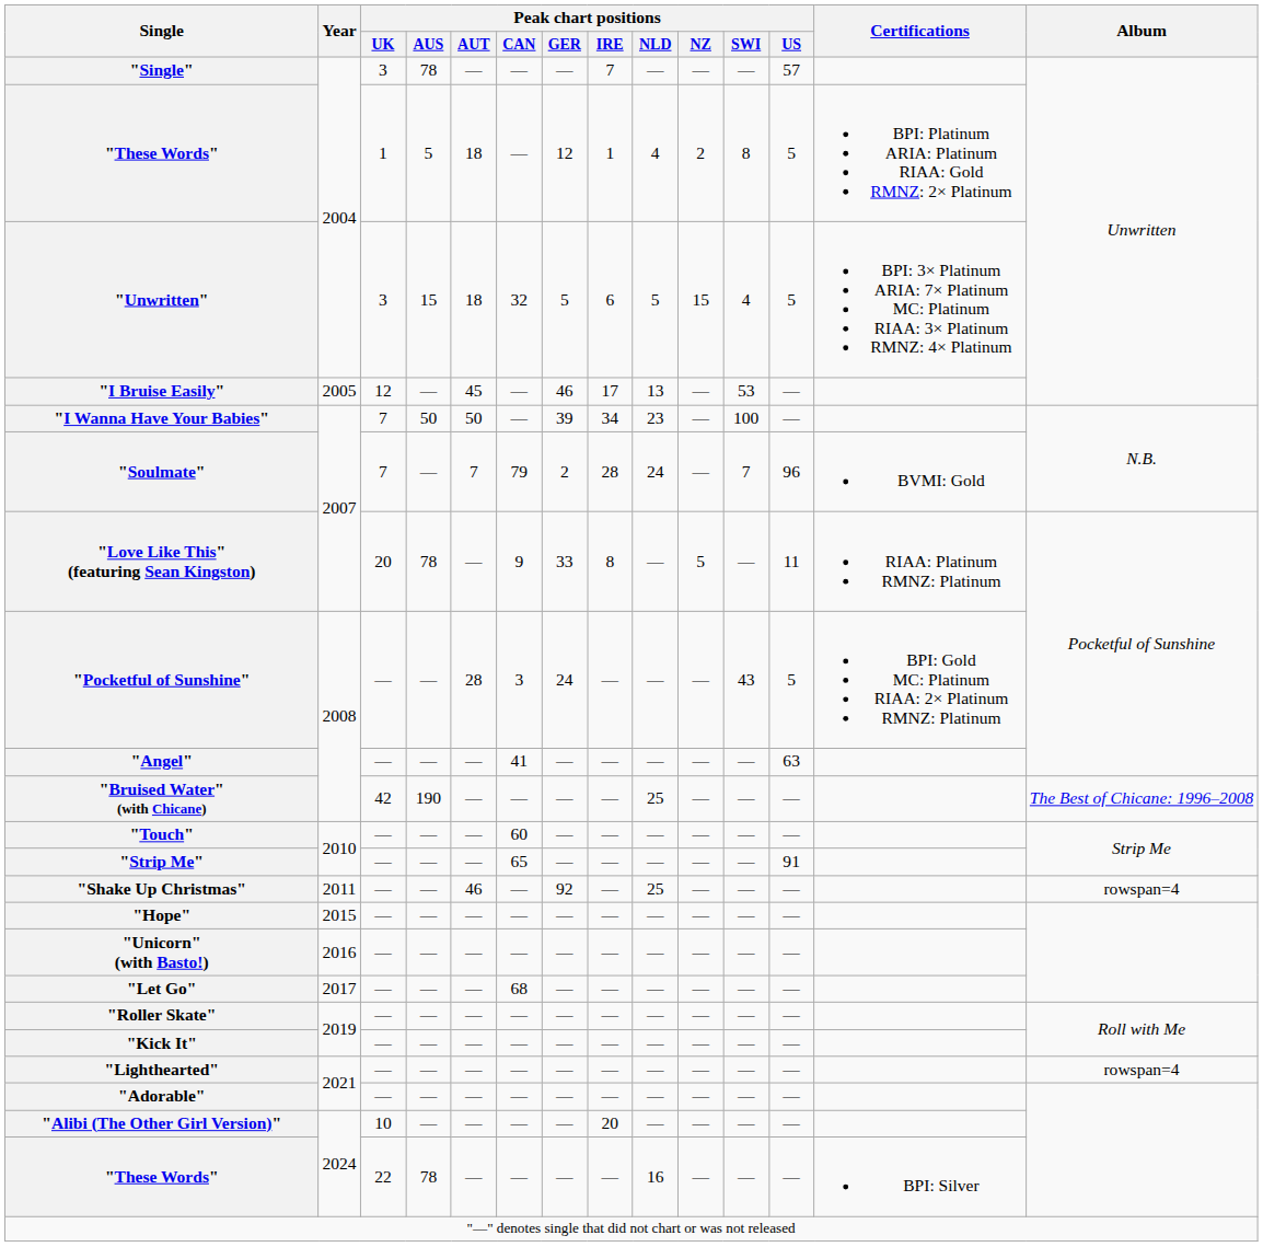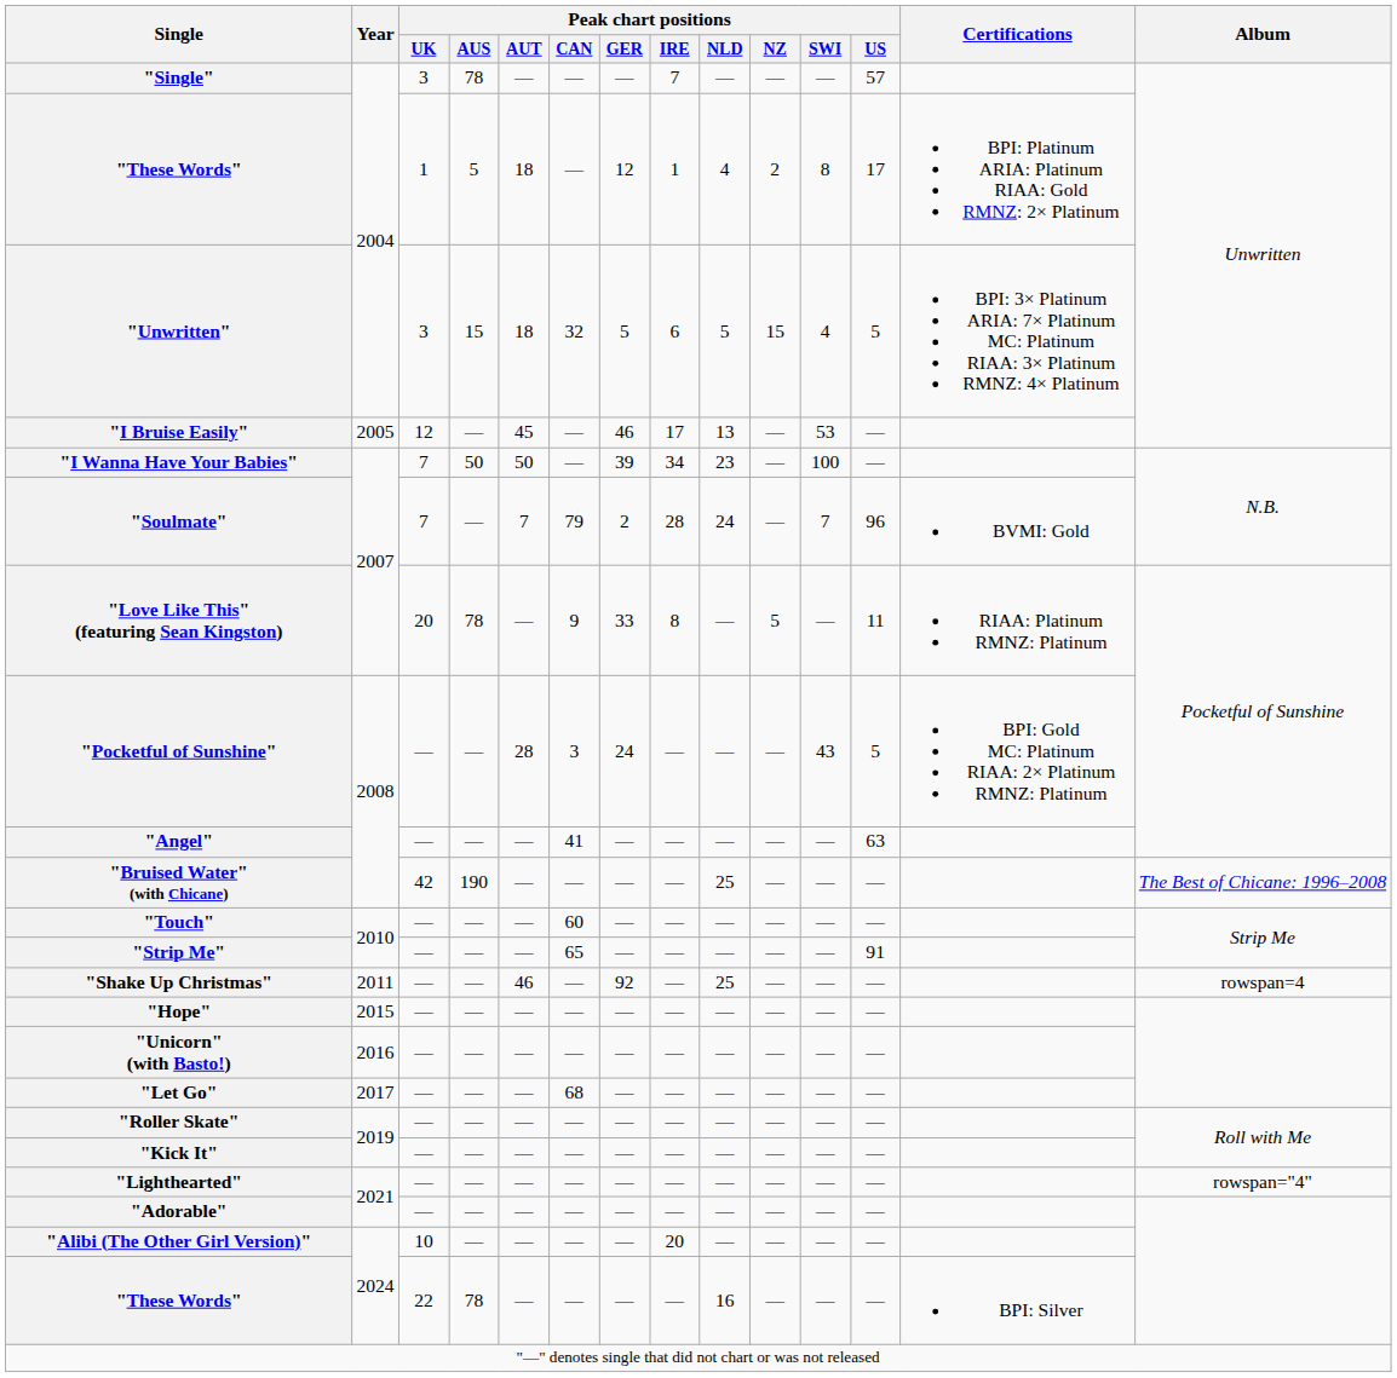 <table class="wikitable plainrowheaders" style="text-align:center;">
 <tr>
 <th scope="colw" rowspan="2" style="width:18em;">Single</th>
 <th scope="col" rowspan="2">Year</th>
 <th scope="col" colspan="10">Peak chart positions</th>
 <th scope="col" rowspan="2" style="width:12em;"><a href='#'>Certifications</a></th>
 <th scope="col" rowspan="2">Album</th>
 </tr>
 <tr>
 <th scope="col" style="width:2.5em;font-size:90%;"><a href='#'>UK</a><br></th>
 <th scope="col" style="width:2.5em;font-size:90%;"><a href='#'>AUS</a><br></th>
 <th scope="col" style="width:2.5em;font-size:90%;"><a href='#'>AUT</a><br></th>
 <th scope="col" style="width:2.5em;font-size:90%;"><a href='#'>CAN</a><br></th>
 <th scope="col" style="width:2.5em;font-size:90%;"><a href='#'>GER</a><br></th>
 <th scope="col" style="width:2.5em;font-size:90%;"><a href='#'>IRE</a><br></th>
 <th scope="col" style="width:2.5em;font-size:90%;"><a href='#'>NLD</a><br></th>
 <th scope="col" style="width:2.5em;font-size:90%;"><a href='#'>NZ</a><br></th>
 <th scope="col" style="width:2.5em;font-size:90%;"><a href='#'>SWI</a><br></th>
 <th scope="col" style="width:2.5em;font-size:90%;"><a href='#'>US</a><br></th>
 </tr>
 <tr>
 <th scope="row">"<a href='#'>Single</a>"</th>
 <td rowspan="3">2004</td>
 <td>3</td>
 <td>78</td>
 <td>—</td>
 <td>—</td>
 <td>—</td>
 <td>7</td>
 <td>—</td>
 <td>—</td>
 <td>—</td>
 <td>57</td>
 <td></td>
 <td rowspan="4"><em>Unwritten</em></td>
 </tr>
 <tr>
 <th scope="row">"<a href='#'>These Words</a>"</th>
 <td>1</td>
 <td>5</td>
 <td>18</td>
 <td>—</td>
 <td>12</td>
 <td>1</td>
 <td>4</td>
 <td>2</td>
 <td>8</td>
-<td>5</td>
+<td>17</td>
 <td><br><ul><li>BPI: Platinum</li><li>ARIA: Platinum</li><li>RIAA: Gold</li><li><a href='#'>RMNZ</a>: 2× Platinum</li></ul></td>
 </tr>
 <tr>
 <th scope="row">"<a href='#'>Unwritten</a>"</th>
 <td>3</td>
 <td>15</td>
 <td>18</td>
 <td>32</td>
 <td>5</td>
 <td>6</td>
 <td>5</td>
 <td>15</td>
 <td>4</td>
 <td>5</td>
 <td><br><ul><li>BPI: 3× Platinum</li><li>ARIA: 7× Platinum</li><li>MC: Platinum</li><li>RIAA: 3× Platinum</li><li>RMNZ: 4× Platinum</li></ul></td>
 </tr>
 <tr>
 <th scope="row">"<a href='#'>I Bruise Easily</a>"</th>
 <td>2005</td>
 <td>12</td>
 <td>—</td>
 <td>45</td>
 <td>—</td>
 <td>46</td>
 <td>17</td>
 <td>13</td>
 <td>—</td>
 <td>53</td>
 <td>—</td>
 <td></td>
 </tr>
 <tr>
 <th scope="row">"<a href='#'>I Wanna Have Your Babies</a>"</th>
 <td rowspan="3">2007</td>
 <td>7</td>
 <td>50</td>
 <td>50</td>
 <td>—</td>
 <td>39</td>
 <td>34</td>
 <td>23</td>
 <td>—</td>
 <td>100</td>
 <td>—</td>
 <td></td>
 <td rowspan="2"><em>N.B.</em></td>
 </tr>
 <tr>
 <th scope="row">"<a href='#'>Soulmate</a>"</th>
 <td>7</td>
 <td>—</td>
 <td>7</td>
 <td>79</td>
 <td>2</td>
 <td>28</td>
 <td>24</td>
 <td>—</td>
 <td>7</td>
 <td>96</td>
 <td><br><ul><li>BVMI: Gold</li></ul></td>
 </tr>
 <tr>
 <th scope="row">"<a href='#'>Love Like This</a>"<br><span>(featuring <a href='#'>Sean Kingston</a>)</span></th>
 <td>20</td>
 <td>78</td>
 <td>—</td>
 <td>9</td>
 <td>33</td>
 <td>8</td>
 <td>—</td>
 <td>5</td>
 <td>—</td>
 <td>11</td>
 <td><br><ul><li>RIAA: Platinum</li><li>RMNZ: Platinum</li></ul></td>
 <td rowspan="3"><em>Pocketful of Sunshine</em></td>
 </tr>
 <tr>
 <th scope="row">"<a href='#'>Pocketful of Sunshine</a>"</th>
 <td rowspan="3">2008</td>
 <td>—</td>
 <td>—</td>
 <td>28</td>
 <td>3</td>
 <td>24</td>
 <td>—</td>
 <td>—</td>
 <td>—</td>
 <td>43</td>
 <td>5</td>
 <td><br><ul><li>BPI: Gold</li><li>MC: Platinum</li><li>RIAA: 2× Platinum</li><li>RMNZ: Platinum</li></ul></td>
 </tr>
 <tr>
 <th scope="row">"<a href='#'>Angel</a>"</th>
 <td>—</td>
 <td>—</td>
 <td>—</td>
 <td>41</td>
 <td>—</td>
 <td>—</td>
 <td>—</td>
 <td>—</td>
 <td>—</td>
 <td>63</td>
 <td></td>
 </tr>
 <tr>
 <th scope="row">"<a href='#'>Bruised Water</a>"<br><small>(with <a href='#'>Chicane</a>)</small></th>
 <td>42</td>
 <td>190</td>
 <td>—</td>
 <td>—</td>
 <td>—</td>
 <td>—</td>
 <td>25</td>
 <td>—</td>
 <td>—</td>
 <td>—</td>
 <td></td>
 <td><em><a href='#'>The Best of Chicane: 1996–2008</a></em></td>
 </tr>
 <tr>
 <th scope="row">"<a href='#'>Touch</a>"</th>
 <td rowspan="2">2010</td>
 <td>—</td>
 <td>—</td>
 <td>—</td>
 <td>60</td>
 <td>—</td>
 <td>—</td>
 <td>—</td>
 <td>—</td>
 <td>—</td>
 <td>—</td>
 <td></td>
 <td rowspan="2"><em>Strip Me</em></td>
 </tr>
 <tr>
 <th scope="row">"<a href='#'>Strip Me</a>"</th>
 <td>—</td>
 <td>—</td>
 <td>—</td>
 <td>65</td>
 <td>—</td>
 <td>—</td>
 <td>—</td>
 <td>—</td>
 <td>—</td>
 <td>91</td>
 <td></td>
 </tr>
 <tr>
 <th scope="row">"Shake Up Christmas"</th>
 <td>2011</td>
 <td>—</td>
 <td>—</td>
 <td>46</td>
 <td>—</td>
 <td>92</td>
 <td>—</td>
 <td>25</td>
 <td>—</td>
 <td>—</td>
 <td>—</td>
 <td></td>
 <td>rowspan=4 </td>
 </tr>
 <tr>
 <th scope="row">"Hope"</th>
 <td>2015</td>
 <td>—</td>
 <td>—</td>
 <td>—</td>
 <td>—</td>
 <td>—</td>
 <td>—</td>
 <td>—</td>
 <td>—</td>
 <td>—</td>
 <td>—</td>
 <td></td>
 </tr>
 <tr>
 <th scope="row">"Unicorn"<br><span>(with <a href='#'>Basto!</a>)</span></th>
 <td>2016</td>
 <td>—</td>
 <td>—</td>
 <td>—</td>
 <td>—</td>
 <td>—</td>
 <td>—</td>
 <td>—</td>
 <td>—</td>
 <td>—</td>
 <td>—</td>
 <td></td>
 </tr>
 <tr>
 <th scope="row">"Let Go"</th>
 <td>2017</td>
 <td>—</td>
 <td>—</td>
 <td>—</td>
 <td>68</td>
 <td>—</td>
 <td>—</td>
 <td>—</td>
 <td>—</td>
 <td>—</td>
 <td>—</td>
 <td></td>
 </tr>
 <tr>
 <th scope="row">"Roller Skate"</th>
 <td rowspan="2">2019</td>
 <td>—</td>
 <td>—</td>
 <td>—</td>
 <td>—</td>
 <td>—</td>
 <td>—</td>
 <td>—</td>
 <td>—</td>
 <td>—</td>
 <td>—</td>
 <td></td>
 <td rowspan="2"><em>Roll with Me</em></td>
 </tr>
 <tr>
 <th scope="row">"Kick It"</th>
 <td>—</td>
 <td>—</td>
 <td>—</td>
 <td>—</td>
 <td>—</td>
 <td>—</td>
 <td>—</td>
 <td>—</td>
 <td>—</td>
 <td>—</td>
 </tr>
 <tr>
 <th scope="row">"Lighthearted"</th>
 <td rowspan="2">2021</td>
 <td>—</td>
 <td>—</td>
 <td>—</td>
 <td>—</td>
 <td>—</td>
 <td>—</td>
 <td>—</td>
 <td>—</td>
 <td>—</td>
 <td>—</td>
 <td></td>
-<td>rowspan=4 </td>
+<td>rowspan="4" </td>
 </tr>
 <tr>
 <th scope="row">"Adorable"</th>
 <td>—</td>
 <td>—</td>
 <td>—</td>
 <td>—</td>
 <td>—</td>
 <td>—</td>
 <td>—</td>
 <td>—</td>
 <td>—</td>
 <td>—</td>
 <td></td>
 </tr>
 <tr>
 <th scope="row">"<a href='#'>Alibi (The Other Girl Version)</a>"<br></th>
 <td rowspan="2">2024</td>
 <td>10</td>
 <td>—</td>
 <td>—</td>
 <td>—</td>
 <td>—</td>
 <td>20</td>
 <td>—</td>
 <td>—</td>
 <td>—</td>
 <td>—</td>
 <td></td>
 </tr>
 <tr>
 <th scope="row">"<a href='#'>These Words</a>"<br></th>
 <td>22</td>
 <td>78</td>
 <td>—</td>
 <td>—</td>
 <td>—</td>
 <td>—</td>
 <td>16</td>
 <td>—</td>
 <td>—</td>
 <td>—</td>
 <td><br><ul><li>BPI: Silver</li></ul></td>
 </tr>
 <tr>
 <td colspan="15" style="font-size:85%">"—" denotes single that did not chart or was not released</td>
 </tr>
 </table>
